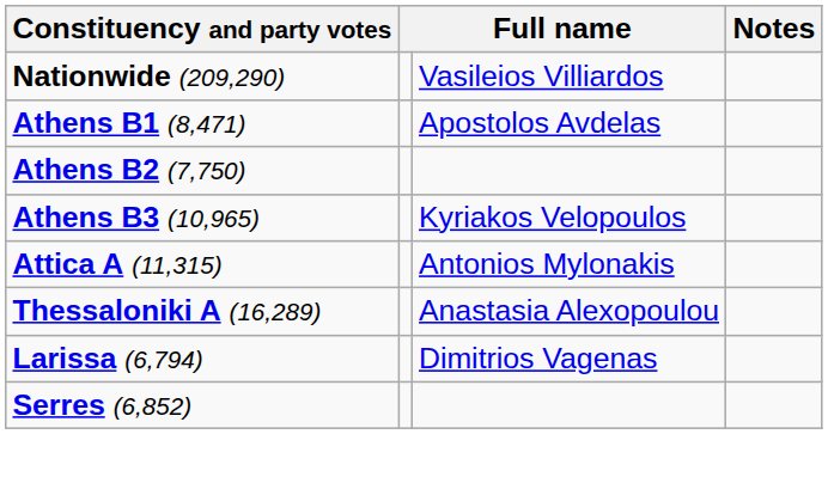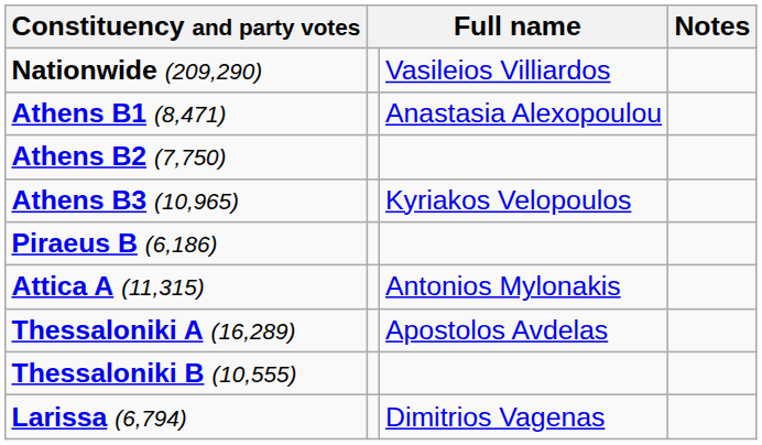 <table class="wikitable">
 <tr>
 <th>Constituency <small>and party votes</small></th>
 <th colspan="2">Full name</th>
 <th>Notes</th>
 </tr>
 <tr>
 <td><strong>Nationwide</strong>  <small><em>(209,290)</em></small></td>
 <td></td>
 <td><a href='#'>Vasileios Villiardos</a></td>
 <td></td>
 </tr>
 <tr>
 <td><strong><a href='#'>Athens B1</a></strong> <small><em>(8,471)</em></small></td>
 <td></td>
-<td><a href='#'>Apostolos Avdelas</a></td>
+<td><a href='#'>Anastasia Alexopoulou</a></td>
 <td></td>
 </tr>
 <tr>
 <td><strong><a href='#'>Athens B2</a></strong> <small><em>(7,750)</em></small></td>
 <td></td>
 <td></td>
 <td></td>
 </tr>
 <tr>
 <td><strong><a href='#'>Athens B3</a></strong> <small><em>(10,965)</em></small></td>
 <td></td>
 <td><a href='#'>Kyriakos Velopoulos</a></td>
 </tr>
 <tr>
+<td><strong><a href='#'>Piraeus B</a></strong> <small><em>(6,186)</em></small></td>
+<td></td>
+<td></td>
+<td></td>
+</tr>
+<tr>
 <td><a href='#'><strong>Attica A</strong></a> <small><em>(11,315)</em></small></td>
 <td></td>
 <td><a href='#'>Antonios Mylonakis</a></td>
 <td></td>
 </tr>
 <tr>
 <td><strong><a href='#'>Thessaloniki A</a></strong> <small><em>(16,289)</em></small></td>
 <td></td>
-<td><a href='#'>Anastasia Alexopoulou</a></td>
+<td><a href='#'>Apostolos Avdelas</a></td>
+<td></td>
+</tr>
+<tr>
+<td><strong><a href='#'>Thessaloniki B</a></strong> <small><em>(10,555)</em></small></td>
+<td></td>
+<td></td>
 <td></td>
 </tr>
 <tr>
 <td><strong><a href='#'>Larissa</a></strong> <small><em>(6,794)</em></small></td>
 <td></td>
 <td><a href='#'>Dimitrios Vagenas</a></td>
 <td></td>
 </tr>
-<tr>
-<td><strong><a href='#'>Serres</a></strong> <small><em>(6,852)</em></small></td>
-<td></td>
-<td></td>
-<td></td>
-</tr>
 </table>
